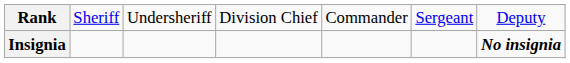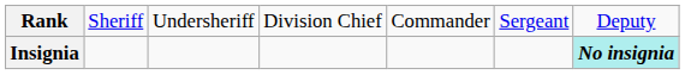 <table class="wikitable">
 <tr style="text-align:center;">
 <th>Rank</th>
 <td><a href='#'>Sheriff</a></td>
 <td>Undersheriff</td>
 <td>Division Chief</td>
 <td>Commander</td>
 <td><a href='#'>Sergeant</a></td>
 <td><a href='#'>Deputy</a></td>
 </tr>
 <tr style="text-align:center;">
 <th>Insignia</th>
 <td></td>
 <td></td>
 <td></td>
 <td></td>
 <td></td>
-<td><strong><em>No insignia</em></strong></td>
+<td style="background: paleturquoise;"><strong><em>No insignia</em></strong></td>
 </tr>
 </table>
